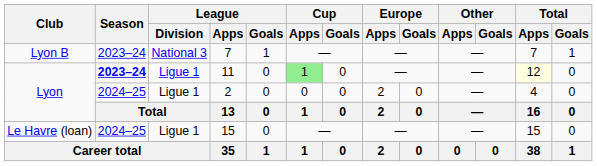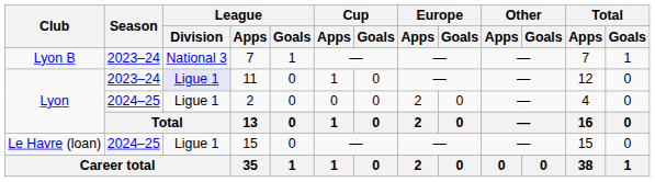 <table class="wikitable" Style="text-align: center">
 <tr>
 <th rowspan="2">Club</th>
 <th rowspan="2">Season</th>
 <th colspan="3">League</th>
 <th colspan="2">Cup</th>
 <th colspan="2">Europe</th>
 <th colspan="2">Other</th>
 <th colspan="2">Total</th>
 </tr>
 <tr>
 <th>Division</th>
 <th>Apps</th>
 <th>Goals</th>
 <th>Apps</th>
 <th>Goals</th>
 <th>Apps</th>
 <th>Goals</th>
 <th>Apps</th>
 <th>Goals</th>
 <th>Apps</th>
 <th>Goals</th>
 </tr>
 <tr>
 <td><a href='#'>Lyon B</a></td>
 <td><a href='#'>2023–24</a></td>
 <td><a href='#'>National 3</a></td>
 <td>7</td>
 <td>1</td>
 <td colspan="2">—</td>
 <td colspan="2">—</td>
 <td colspan="2">—</td>
 <td>7</td>
 <td>1</td>
 </tr>
 <tr>
 <td rowspan="3"><a href='#'>Lyon</a></td>
-<td><strong><a href='#'>2023–24</a></strong></td>
-<td><a href='#'>Ligue 1</a></td>
+<td><a href='#'>2023–24</a></td>
+<td style="background: lavender;"><a href='#'>Ligue 1</a></td>
 <td>11</td>
 <td>0</td>
-<td style="background: lightgreen;">1</td>
+<td>1</td>
 <td>0</td>
 <td colspan="2">—</td>
 <td colspan="2">—</td>
-<td style="background: lightyellow;">12</td>
+<td>12</td>
 <td>0</td>
 </tr>
 <tr>
 <td><a href='#'>2024–25</a></td>
 <td>Ligue 1</td>
 <td>2</td>
 <td>0</td>
 <td>0</td>
 <td>0</td>
 <td>2</td>
 <td>0</td>
 <td colspan="2">—</td>
 <td>4</td>
 <td>0</td>
 </tr>
 <tr>
 <th colspan="2">Total</th>
 <th>13</th>
 <th>0</th>
 <th>1</th>
 <th>0</th>
 <th>2</th>
 <th>0</th>
 <th colspan="2">—</th>
 <th>16</th>
 <th>0</th>
 </tr>
 <tr>
 <td><a href='#'>Le Havre</a> (loan)</td>
 <td><a href='#'>2024–25</a></td>
 <td>Ligue 1</td>
 <td>15</td>
 <td>0</td>
 <td colspan="2">—</td>
 <td colspan="2">—</td>
 <td colspan="2">—</td>
 <td>15</td>
 <td>0</td>
 </tr>
 <tr>
 <th colspan="3">Career total</th>
 <th>35</th>
 <th>1</th>
 <th>1</th>
 <th>0</th>
 <th>2</th>
 <th>0</th>
 <th>0</th>
 <th>0</th>
 <th>38</th>
 <th>1</th>
 </tr>
 </table>
